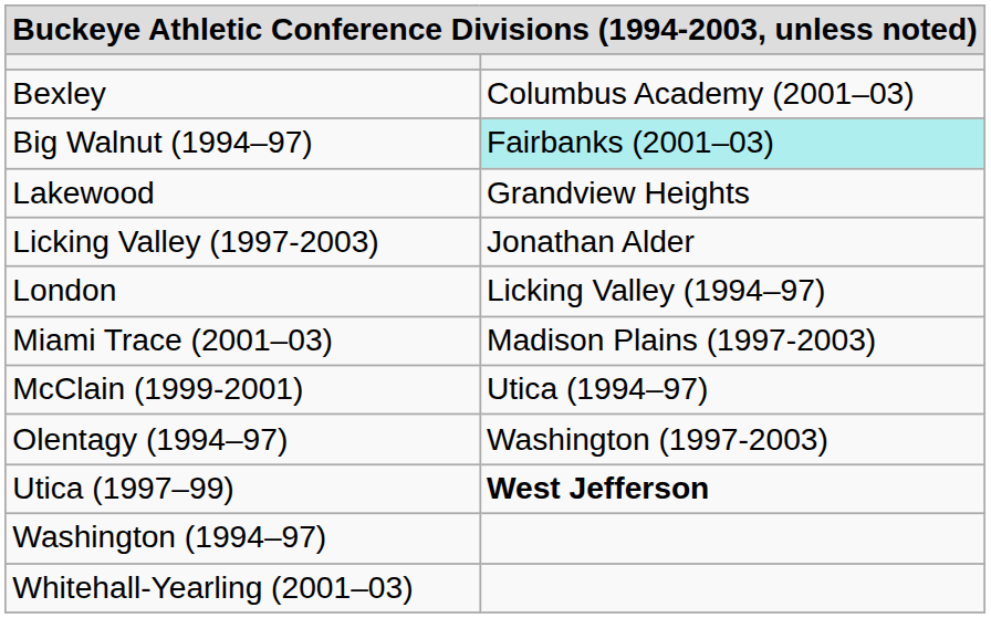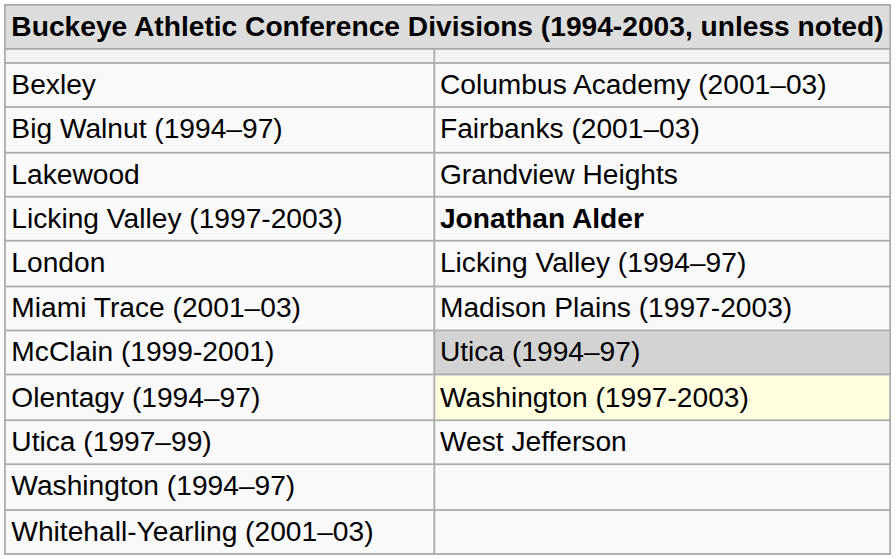 <table class="wikitable">
 <tr style="background:#ccf;">
 <th colspan="4" style="background:#ddd;">Buckeye Athletic Conference Divisions (1994-2003, unless noted)</th>
 </tr>
 <tr>
 <th></th>
 <th></th>
 </tr>
 <tr>
 <td>Bexley</td>
 <td>Columbus Academy (2001–03)</td>
 </tr>
 <tr>
 <td>Big Walnut (1994–97)</td>
-<td style="background: paleturquoise;">Fairbanks (2001–03)</td>
+<td>Fairbanks (2001–03)</td>
 </tr>
 <tr>
 <td>Lakewood</td>
 <td>Grandview Heights</td>
 </tr>
 <tr>
 <td>Licking Valley (1997-2003)</td>
-<td>Jonathan Alder</td>
+<td><strong>Jonathan Alder</strong></td>
 </tr>
 <tr>
 <td>London</td>
 <td>Licking Valley (1994–97)</td>
 </tr>
 <tr>
 <td>Miami Trace (2001–03)</td>
 <td>Madison Plains (1997-2003)</td>
 </tr>
 <tr>
 <td>McClain (1999-2001)</td>
-<td>Utica (1994–97)</td>
+<td style="background: lightgrey;">Utica (1994–97)</td>
 </tr>
 <tr>
 <td>Olentagy (1994–97)</td>
-<td>Washington (1997-2003)</td>
+<td style="background: lightyellow;">Washington (1997-2003)</td>
 </tr>
 <tr>
 <td>Utica (1997–99)</td>
-<td><strong>West Jefferson</strong></td>
+<td>West Jefferson</td>
 </tr>
 <tr>
 <td>Washington (1994–97)</td>
 <td></td>
 </tr>
 <tr>
 <td>Whitehall-Yearling (2001–03)</td>
 <td></td>
 </tr>
 </table>
